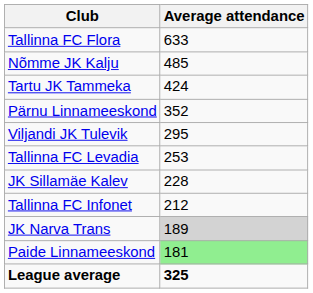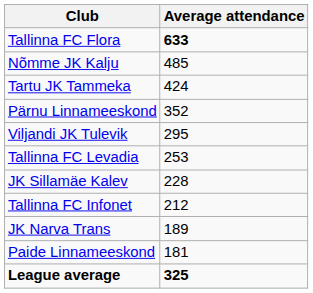 <table class="wikitable sortable">
 <tr>
 <th>Club</th>
 <th>Average attendance</th>
 </tr>
 <tr>
 <td><a href='#'>Tallinna FC Flora</a></td>
-<td>633</td>
+<td><strong>633</strong></td>
 </tr>
 <tr>
 <td><a href='#'>Nõmme JK Kalju</a></td>
 <td>485</td>
 </tr>
 <tr>
 <td><a href='#'>Tartu JK Tammeka</a></td>
 <td>424</td>
 </tr>
 <tr>
 <td><a href='#'>Pärnu Linnameeskond</a></td>
 <td>352</td>
 </tr>
 <tr>
 <td><a href='#'>Viljandi JK Tulevik</a></td>
 <td>295</td>
 </tr>
 <tr>
 <td><a href='#'>Tallinna FC Levadia</a></td>
 <td>253</td>
 </tr>
 <tr>
 <td><a href='#'>JK Sillamäe Kalev</a></td>
 <td>228</td>
 </tr>
 <tr>
 <td><a href='#'>Tallinna FC Infonet</a></td>
 <td>212</td>
 </tr>
 <tr>
 <td><a href='#'>JK Narva Trans</a></td>
-<td style="background: lightgrey;">189</td>
+<td>189</td>
 </tr>
 <tr>
 <td><a href='#'>Paide Linnameeskond</a></td>
-<td style="background: lightgreen;">181</td>
+<td>181</td>
 </tr>
 <tr>
 <td><strong>League average</strong></td>
 <td><strong>325</strong></td>
 </tr>
 </table>
